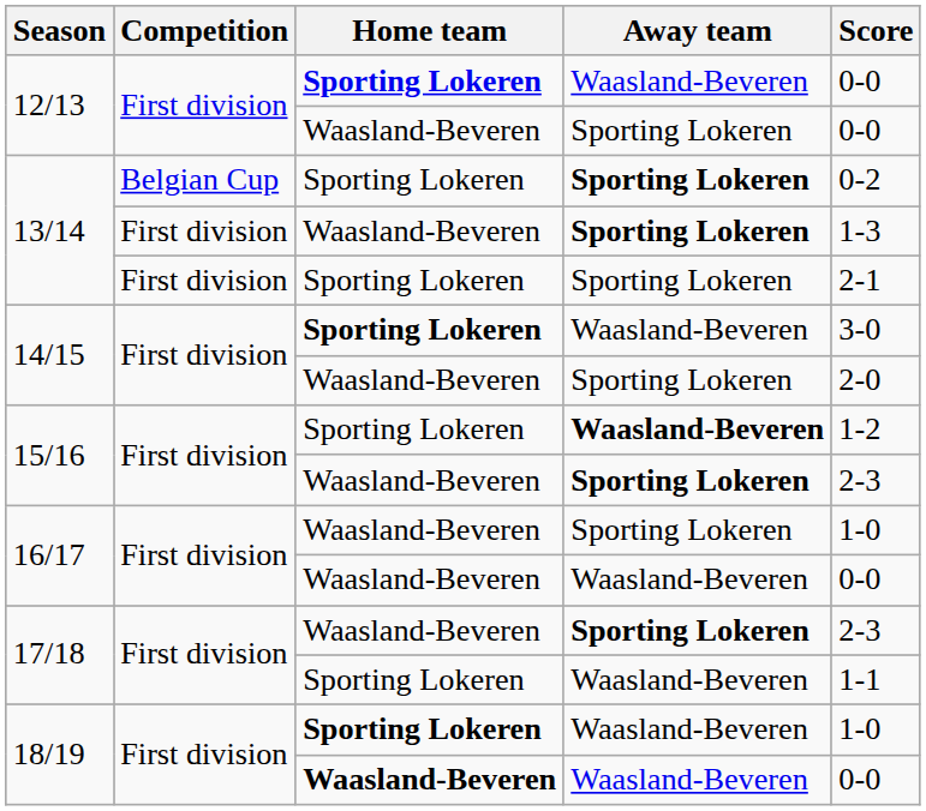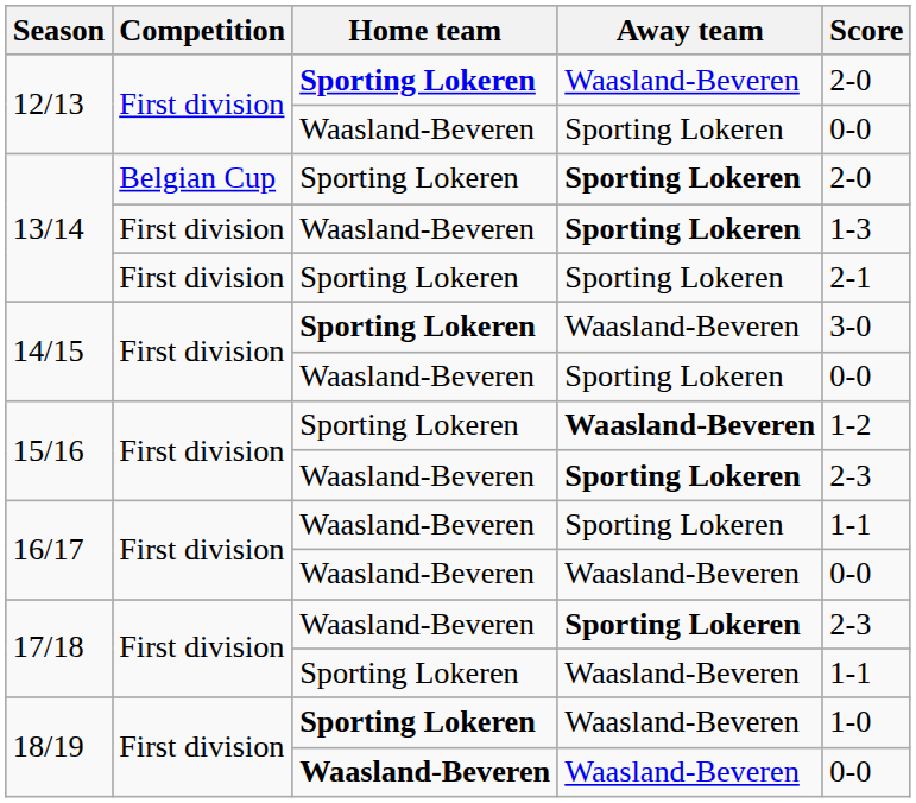 <table class="wikitable">
 <tr>
 <th>Season</th>
 <th>Competition</th>
 <th>Home team</th>
 <th>Away team</th>
 <th>Score</th>
 </tr>
 <tr>
 <td rowspan="2">12/13</td>
 <td rowspan="2"><a href='#'>First division</a></td>
 <td><a href='#'><strong>Sporting Lokeren</strong></a></td>
 <td><a href='#'>Waasland-Beveren</a></td>
-<td>0-0</td>
+<td>2-0</td>
 </tr>
 <tr>
 <td>Waasland-Beveren</td>
 <td>Sporting Lokeren</td>
 <td>0-0</td>
 </tr>
 <tr>
 <td rowspan="3">13/14</td>
 <td><a href='#'>Belgian Cup</a></td>
 <td>Sporting Lokeren</td>
 <td><strong>Sporting Lokeren</strong></td>
-<td>0-2</td>
+<td>2-0</td>
 </tr>
 <tr>
 <td>First division</td>
 <td>Waasland-Beveren</td>
 <td><strong>Sporting Lokeren</strong></td>
 <td>1-3</td>
 </tr>
 <tr>
 <td>First division</td>
 <td>Sporting Lokeren</td>
 <td>Sporting Lokeren</td>
 <td>2-1</td>
 </tr>
 <tr>
 <td rowspan="2">14/15</td>
 <td rowspan="2">First division</td>
 <td><strong>Sporting Lokeren</strong></td>
 <td>Waasland-Beveren</td>
 <td>3-0</td>
 </tr>
 <tr>
 <td>Waasland-Beveren</td>
 <td>Sporting Lokeren</td>
-<td>2-0</td>
+<td>0-0</td>
 </tr>
 <tr>
 <td rowspan="2">15/16</td>
 <td rowspan="2">First division</td>
 <td>Sporting Lokeren</td>
 <td><strong>Waasland-Beveren</strong></td>
 <td>1-2</td>
 </tr>
 <tr>
 <td>Waasland-Beveren</td>
 <td><strong>Sporting Lokeren</strong></td>
 <td>2-3</td>
 </tr>
 <tr>
 <td rowspan="2">16/17</td>
 <td rowspan="2">First division</td>
 <td>Waasland-Beveren</td>
 <td>Sporting Lokeren</td>
-<td>1-0</td>
+<td>1-1</td>
 </tr>
 <tr>
 <td>Waasland-Beveren</td>
 <td>Waasland-Beveren</td>
 <td>0-0</td>
 </tr>
 <tr>
 <td rowspan="2">17/18</td>
 <td rowspan="2">First division</td>
 <td>Waasland-Beveren</td>
 <td><strong>Sporting Lokeren</strong></td>
 <td>2-3</td>
 </tr>
 <tr>
 <td>Sporting Lokeren</td>
 <td>Waasland-Beveren</td>
 <td>1-1</td>
 </tr>
 <tr>
 <td rowspan="2">18/19</td>
 <td rowspan="2">First division</td>
 <td><strong>Sporting Lokeren</strong></td>
 <td>Waasland-Beveren</td>
 <td>1-0</td>
 </tr>
 <tr>
 <td><strong>Waasland-Beveren</strong></td>
 <td><a href='#'>Waasland-Beveren</a></td>
 <td>0-0</td>
 </tr>
 </table>
